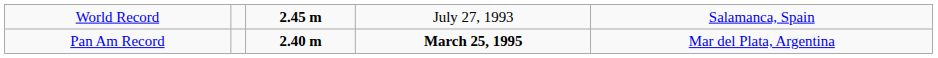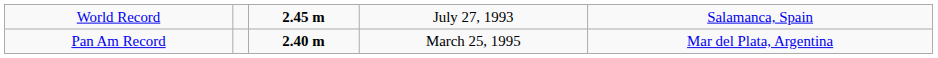 <table class="wikitable" style=" text-align:center; font-size:95%;" width="75%">
 <tr>
 <td><a href='#'>World Record</a></td>
 <td></td>
 <td><strong>2.45 m </strong></td>
 <td>July 27, 1993</td>
 <td> <a href='#'>Salamanca, Spain</a></td>
 </tr>
 <tr>
 <td><a href='#'>Pan Am Record</a></td>
 <td></td>
 <td><strong>2.40 m </strong></td>
-<td><strong>March 25, 1995</strong></td>
+<td>March 25, 1995</td>
 <td> <a href='#'>Mar del Plata, Argentina</a></td>
 </tr>
 </table>
